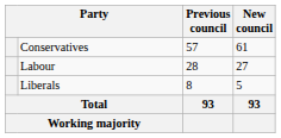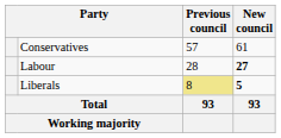 <table class="wikitable">
 <tr>
 <th valign=top colspan="2" style="width: 230px">Party</th>
 <th valign=top style="width: 30px">Previous council</th>
 <th valign=top style="width: 30px">New council</th>
 </tr>
 <tr>
 <th style="background-color: "></th>
 <td>Conservatives</td>
 <td>57</td>
 <td>61</td>
 </tr>
 <tr>
 <th style="background-color: "></th>
 <td>Labour</td>
 <td>28</td>
-<td>27</td>
+<td><strong>27</strong></td>
 </tr>
 <tr>
 <th style="background-color: "></th>
 <td>Liberals</td>
-<td>8</td>
-<td>5</td>
+<td style="background: khaki;">8</td>
+<td><strong>5</strong></td>
 </tr>
 <tr>
 <th colspan=2>Total</th>
 <th style="text-align: center">93</th>
 <th colspan=3>93</th>
 </tr>
 <tr>
 <th colspan=2>Working majority</th>
 <th></th>
 <th></th>
 </tr>
 </table>
